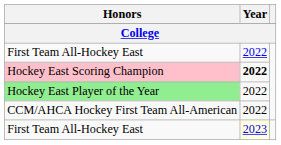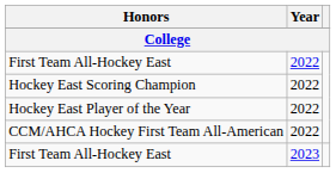 <table class="wikitable">
 <tr>
 <th>Honors</th>
 <th>Year</th>
 <th></th>
 </tr>
 <tr>
 </tr>
 <tr>
 <th colspan="3"><a href='#'>College</a></th>
 </tr>
 <tr>
 <td>First Team All-Hockey East</td>
 <td><a href='#'>2022</a></td>
 <td rowspan="4"></td>
 </tr>
 <tr>
-<td style="background: pink;">Hockey East Scoring Champion</td>
-<td><strong>2022</strong></td>
+<td>Hockey East Scoring Champion</td>
+<td>2022</td>
 </tr>
 <tr>
-<td style="background: lightgreen;">Hockey East Player of the Year</td>
+<td>Hockey East Player of the Year</td>
 <td>2022</td>
 </tr>
 <tr>
 <td>CCM/AHCA Hockey First Team All-American</td>
 <td>2022</td>
 </tr>
 <tr>
 <td>First Team All-Hockey East</td>
-<td style="background: lightyellow;"><a href='#'>2023</a></td>
+<td><a href='#'>2023</a></td>
 <td></td>
 </tr>
 </table>
